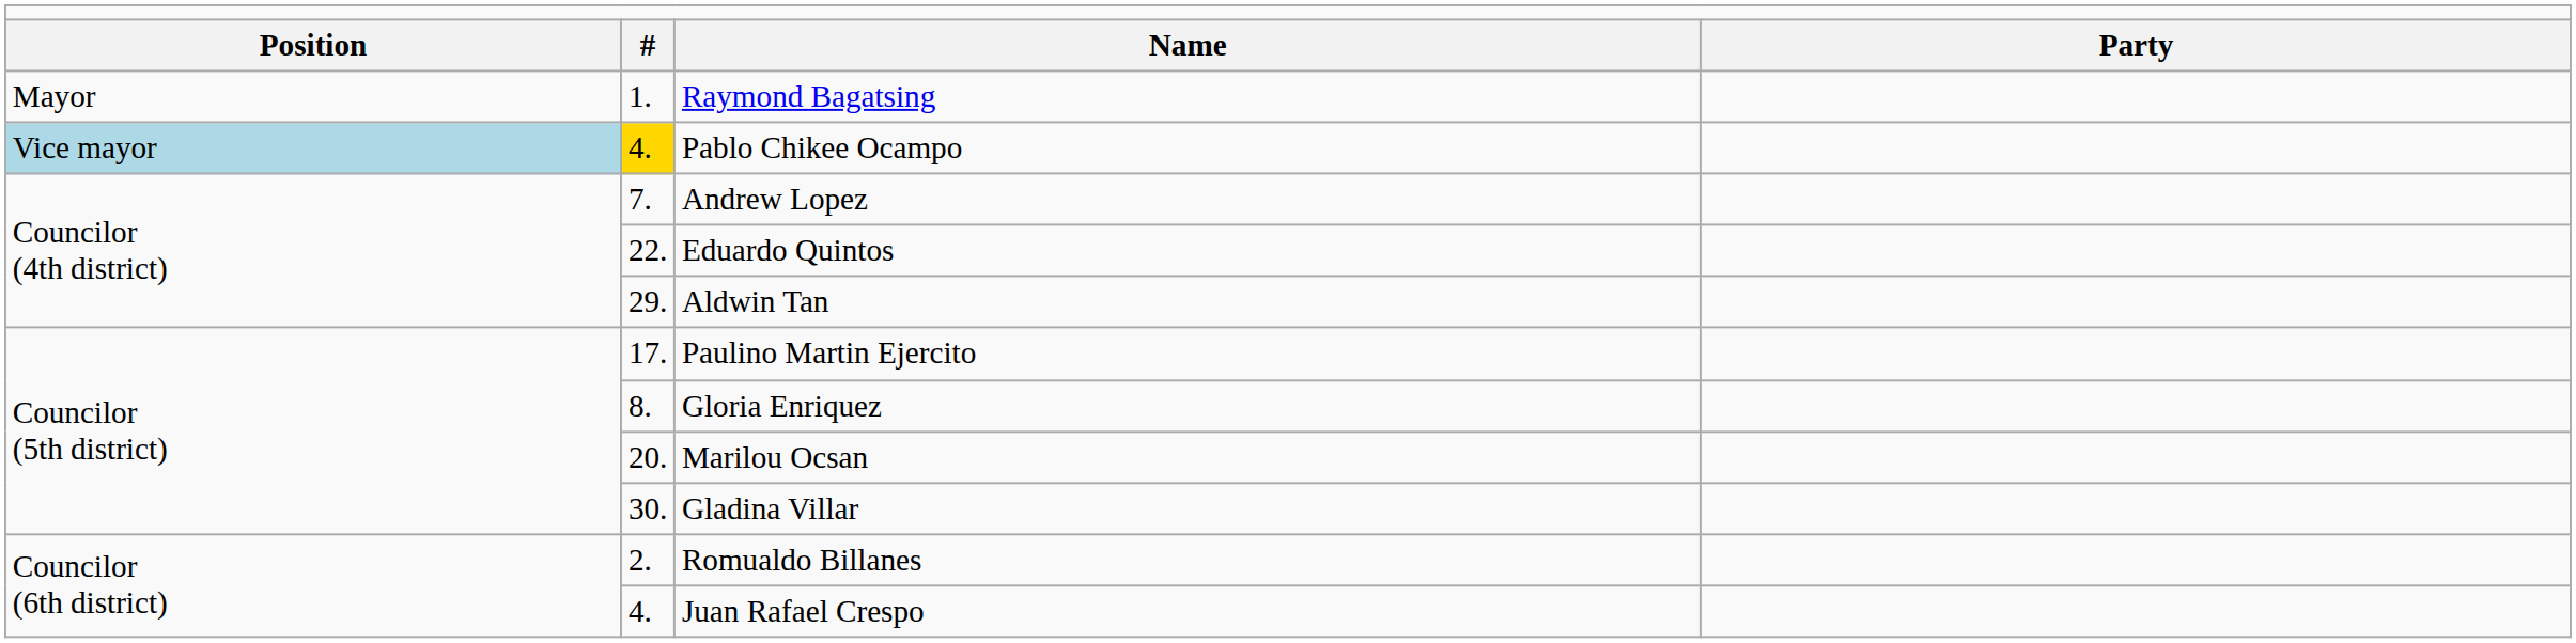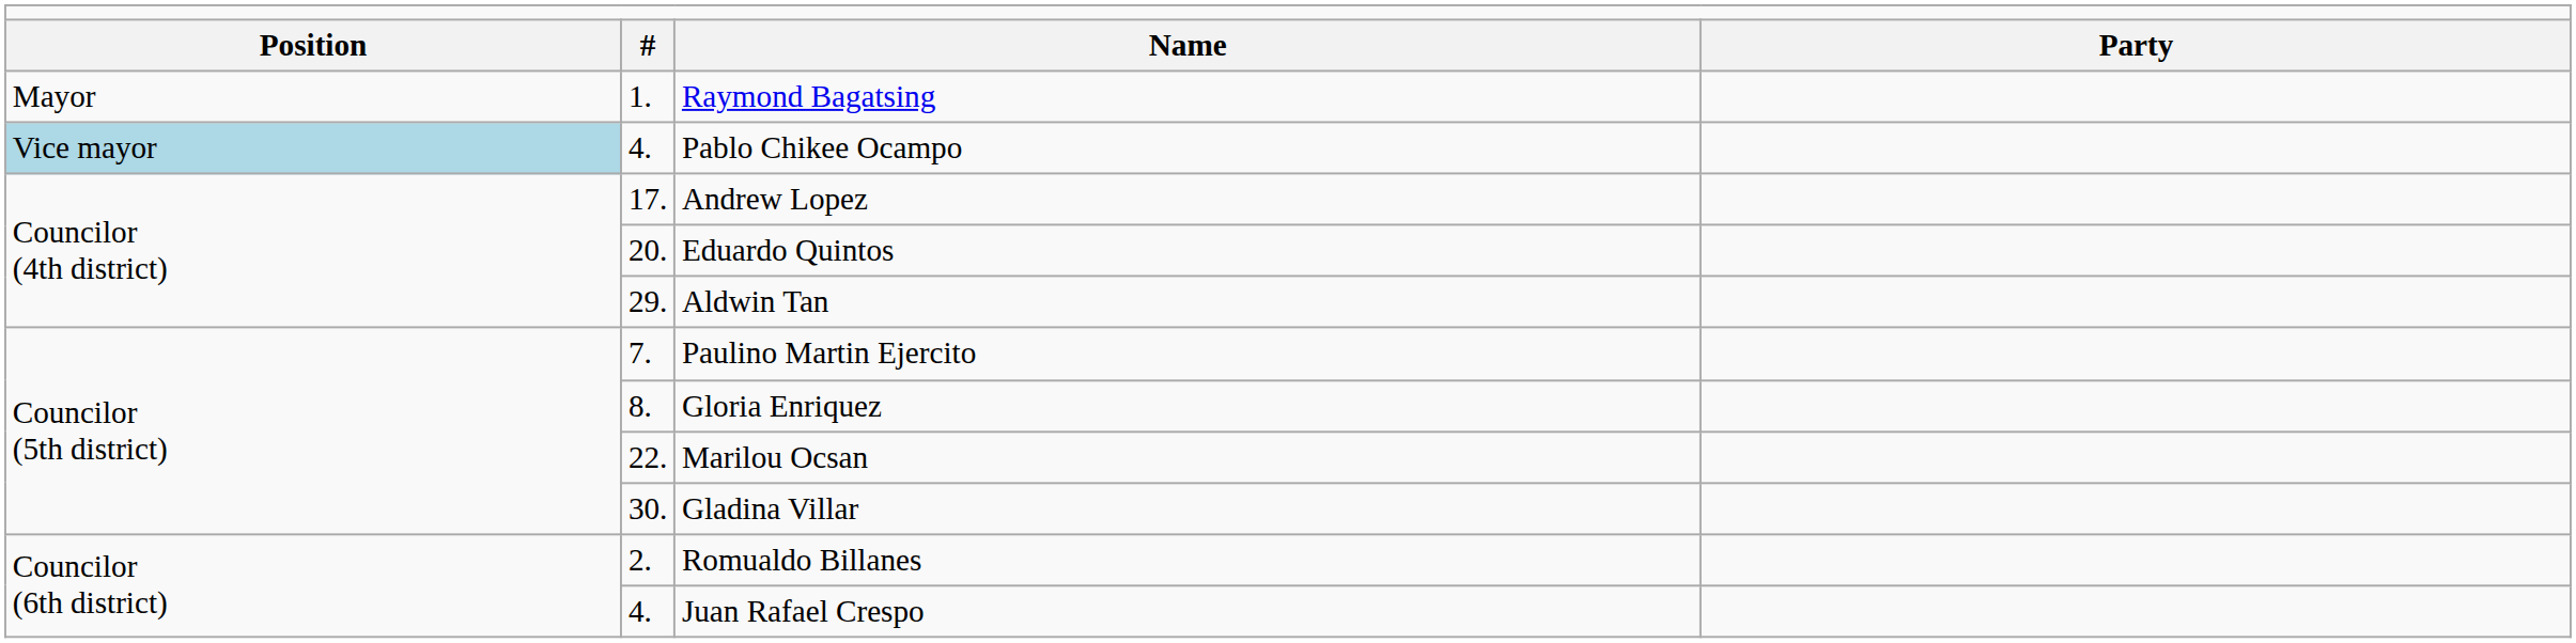 <table class=wikitable style="font-size:95%" width=99%>
 <tr>
 <td colspan="5"></td>
 </tr>
 <tr>
 <th width=24%>Position</th>
 <th width=1%>#</th>
 <th width=40%>Name</th>
 <th colspan=2>Party</th>
 </tr>
 <tr>
 <td>Mayor</td>
 <td>1.</td>
 <td><a href='#'>Raymond Bagatsing</a></td>
 <td></td>
 </tr>
 <tr>
 <td style="background: lightblue;">Vice mayor</td>
-<td style="background: gold;">4.</td>
+<td>4.</td>
 <td>Pablo Chikee Ocampo</td>
 <td></td>
 </tr>
 <tr>
 <td rowspan="3">Councilor<br>(4th district)</td>
-<td>7.</td>
+<td>17.</td>
 <td>Andrew Lopez</td>
 <td></td>
 </tr>
 <tr>
-<td>22.</td>
+<td>20.</td>
 <td>Eduardo Quintos</td>
 <td></td>
 </tr>
 <tr>
 <td>29.</td>
 <td>Aldwin Tan</td>
 <td></td>
 </tr>
 <tr>
 <td rowspan="4">Councilor<br>(5th district)</td>
-<td>17.</td>
+<td>7.</td>
 <td>Paulino Martin Ejercito</td>
 <td></td>
 </tr>
 <tr>
 <td>8.</td>
 <td>Gloria Enriquez</td>
 <td></td>
 </tr>
 <tr>
-<td>20.</td>
+<td>22.</td>
 <td>Marilou Ocsan</td>
 <td></td>
 </tr>
 <tr>
 <td>30.</td>
 <td>Gladina Villar</td>
 <td></td>
 </tr>
 <tr>
 <td rowspan="2">Councilor<br>(6th district)</td>
 <td>2.</td>
 <td>Romualdo Billanes</td>
 <td></td>
 </tr>
 <tr>
 <td>4.</td>
 <td>Juan Rafael Crespo</td>
 <td></td>
 </tr>
 </table>
